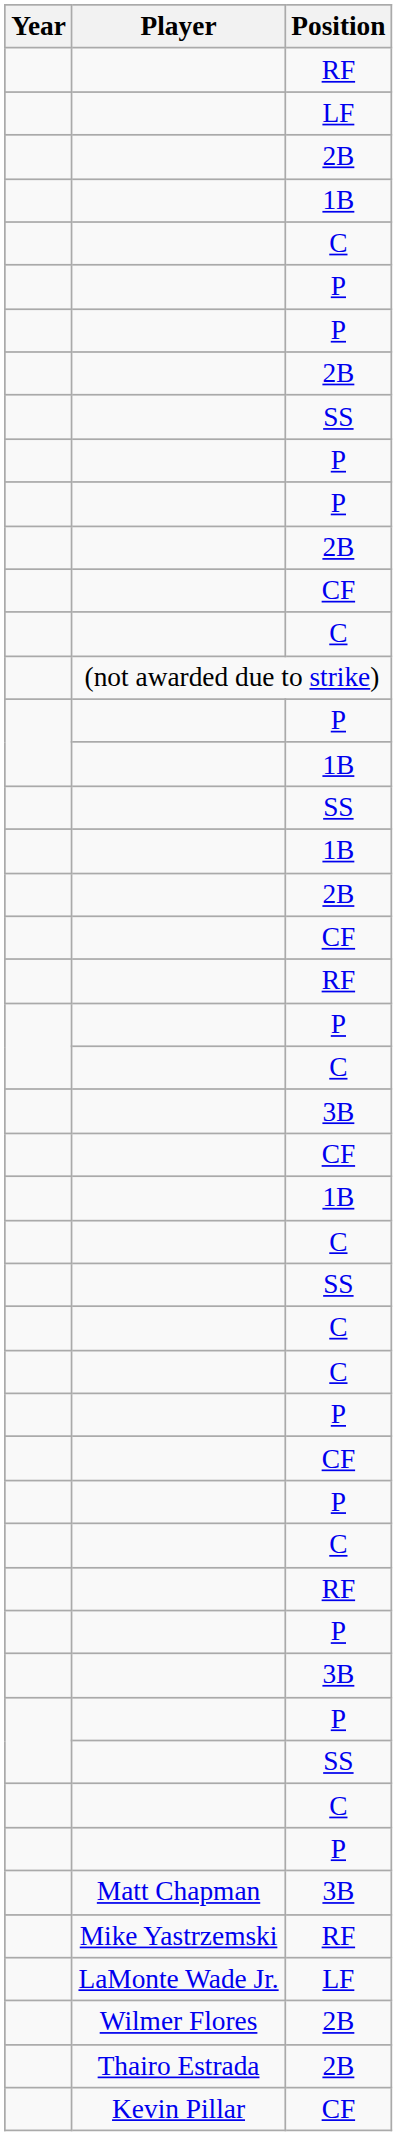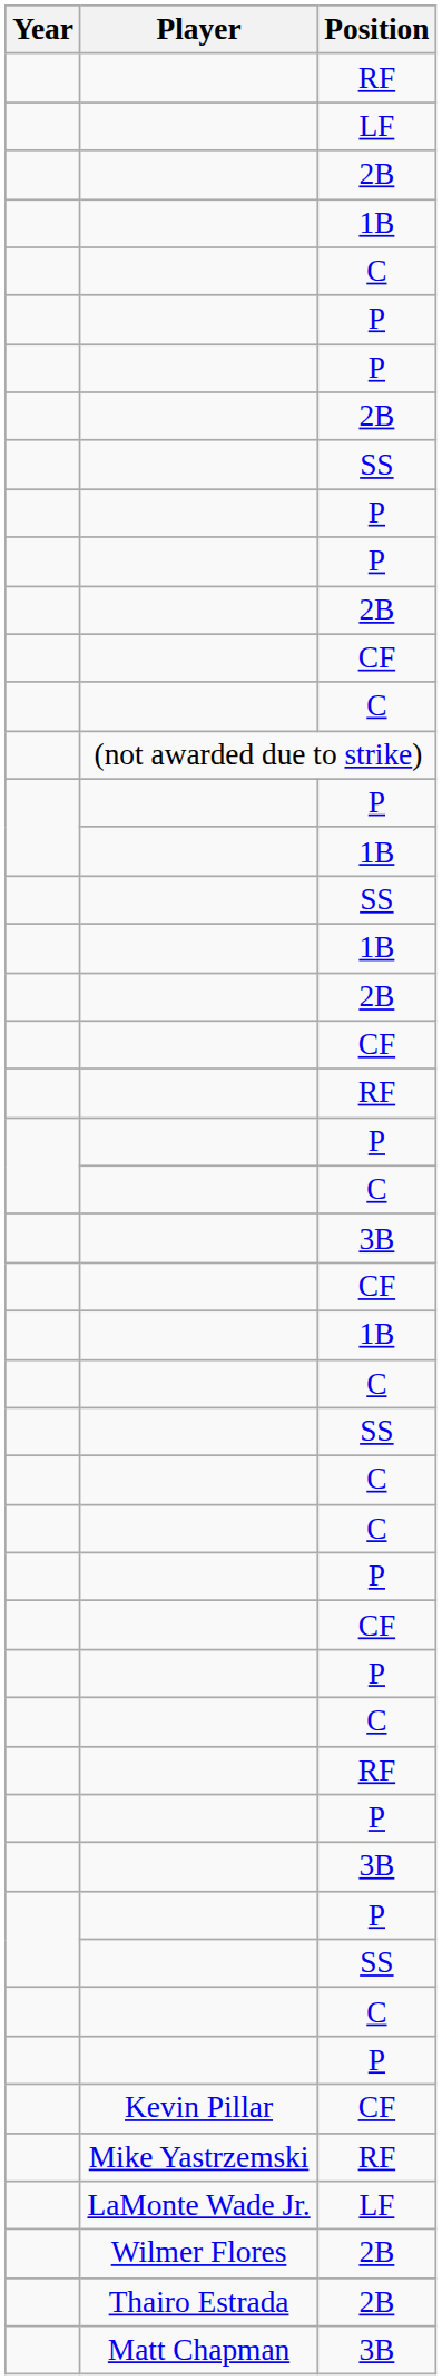 <table class="wikitable" style="text-align:center">
 <tr>
 <th>Year</th>
 <th>Player</th>
 <th>Position</th>
 </tr>
 <tr>
 <td></td>
 <td></td>
 <td><a href='#'>RF</a></td>
 </tr>
 <tr>
 <td></td>
 <td></td>
 <td><a href='#'>LF</a></td>
 </tr>
 <tr>
 <td></td>
 <td></td>
 <td><a href='#'>2B</a></td>
 </tr>
 <tr>
 <td></td>
 <td></td>
 <td><a href='#'>1B</a></td>
 </tr>
 <tr>
 <td></td>
 <td></td>
 <td><a href='#'>C</a></td>
 </tr>
 <tr>
 <td></td>
 <td> </td>
 <td><a href='#'>P</a></td>
 </tr>
 <tr>
 <td></td>
 <td> </td>
 <td><a href='#'>P</a></td>
 </tr>
 <tr>
 <td></td>
 <td></td>
 <td><a href='#'>2B</a></td>
 </tr>
 <tr>
 <td></td>
 <td></td>
 <td><a href='#'>SS</a></td>
 </tr>
 <tr>
 <td></td>
 <td></td>
 <td><a href='#'>P</a></td>
 </tr>
 <tr>
 <td></td>
 <td></td>
 <td><a href='#'>P</a></td>
 </tr>
 <tr>
 <td></td>
 <td></td>
 <td><a href='#'>2B</a></td>
 </tr>
 <tr>
 <td></td>
 <td></td>
 <td><a href='#'>CF</a></td>
 </tr>
 <tr>
 <td></td>
 <td></td>
 <td><a href='#'>C</a></td>
 </tr>
 <tr>
 <td></td>
 <td colspan=2>(not awarded due to <a href='#'>strike</a>)</td>
 </tr>
 <tr>
 <td rowspan=2></td>
 <td></td>
 <td><a href='#'>P</a></td>
 </tr>
 <tr>
 <td></td>
 <td><a href='#'>1B</a></td>
 </tr>
 <tr>
 <td></td>
 <td></td>
 <td><a href='#'>SS</a></td>
 </tr>
 <tr>
 <td></td>
 <td> </td>
 <td><a href='#'>1B</a></td>
 </tr>
 <tr>
 <td></td>
 <td></td>
 <td><a href='#'>2B</a></td>
 </tr>
 <tr>
 <td></td>
 <td></td>
 <td><a href='#'>CF</a></td>
 </tr>
 <tr>
 <td></td>
 <td></td>
 <td><a href='#'>RF</a></td>
 </tr>
 <tr>
 <td rowspan=2></td>
 <td></td>
 <td><a href='#'>P</a></td>
 </tr>
 <tr>
 <td></td>
 <td><a href='#'>C</a></td>
 </tr>
 <tr>
 <td></td>
 <td></td>
 <td><a href='#'>3B</a></td>
 </tr>
 <tr>
 <td></td>
 <td></td>
 <td><a href='#'>CF</a></td>
 </tr>
 <tr>
 <td></td>
 <td> </td>
 <td><a href='#'>1B</a></td>
 </tr>
 <tr>
 <td></td>
 <td></td>
 <td><a href='#'>C</a></td>
 </tr>
 <tr>
 <td></td>
 <td></td>
 <td><a href='#'>SS</a></td>
 </tr>
 <tr>
 <td></td>
 <td> </td>
 <td><a href='#'>C</a></td>
 </tr>
 <tr>
 <td></td>
 <td> </td>
 <td><a href='#'>C</a></td>
 </tr>
 <tr>
 <td></td>
 <td></td>
 <td><a href='#'>P</a></td>
 </tr>
 <tr>
 <td></td>
 <td></td>
 <td><a href='#'>CF</a></td>
 </tr>
 <tr>
 <td></td>
 <td></td>
 <td><a href='#'>P</a></td>
 </tr>
 <tr>
 <td></td>
 <td></td>
 <td><a href='#'>C</a></td>
 </tr>
 <tr>
 <td></td>
 <td></td>
 <td><a href='#'>RF</a></td>
 </tr>
 <tr>
 <td></td>
 <td></td>
 <td><a href='#'>P</a></td>
 </tr>
 <tr>
 <td></td>
 <td></td>
 <td><a href='#'>3B</a></td>
 </tr>
 <tr>
 <td rowspan=2></td>
 <td></td>
 <td><a href='#'>P</a></td>
 </tr>
 <tr>
 <td></td>
 <td><a href='#'>SS</a></td>
 </tr>
 <tr>
 <td></td>
 <td></td>
 <td><a href='#'>C</a></td>
 </tr>
 <tr>
 <td></td>
 <td></td>
 <td><a href='#'>P</a></td>
 </tr>
 <tr>
 <td></td>
-<td><a href='#'>Matt Chapman</a></td>
-<td><a href='#'>3B</a></td>
+<td><a href='#'>Kevin Pillar</a></td>
+<td><a href='#'>CF</a></td>
 </tr>
 <tr>
 <td></td>
 <td><a href='#'>Mike Yastrzemski</a></td>
 <td><a href='#'>RF</a></td>
 </tr>
 <tr>
 <td></td>
 <td><a href='#'>LaMonte Wade Jr.</a></td>
 <td><a href='#'>LF</a></td>
 </tr>
 <tr>
 <td></td>
 <td><a href='#'>Wilmer Flores</a></td>
 <td><a href='#'>2B</a></td>
 </tr>
 <tr>
 <td></td>
 <td><a href='#'>Thairo Estrada</a></td>
 <td><a href='#'>2B</a></td>
 </tr>
 <tr>
 <td></td>
-<td><a href='#'>Kevin Pillar</a></td>
-<td><a href='#'>CF</a></td>
+<td><a href='#'>Matt Chapman</a></td>
+<td><a href='#'>3B</a></td>
 </tr>
 </table>
